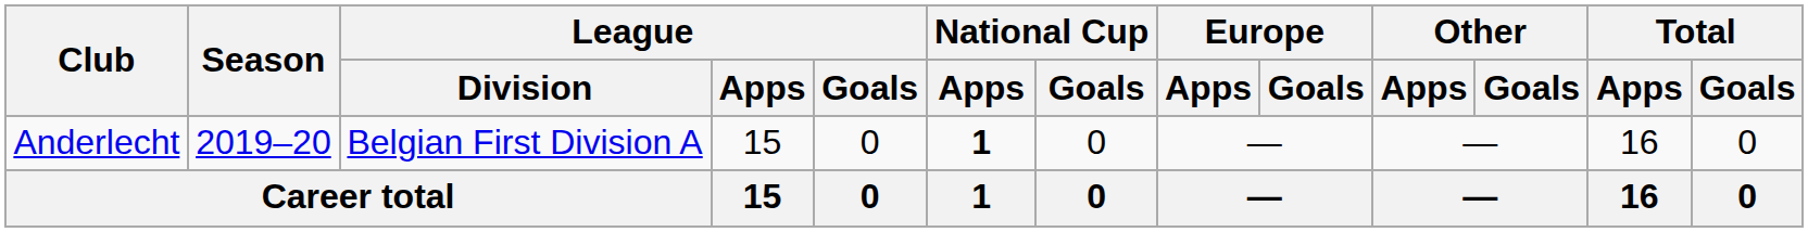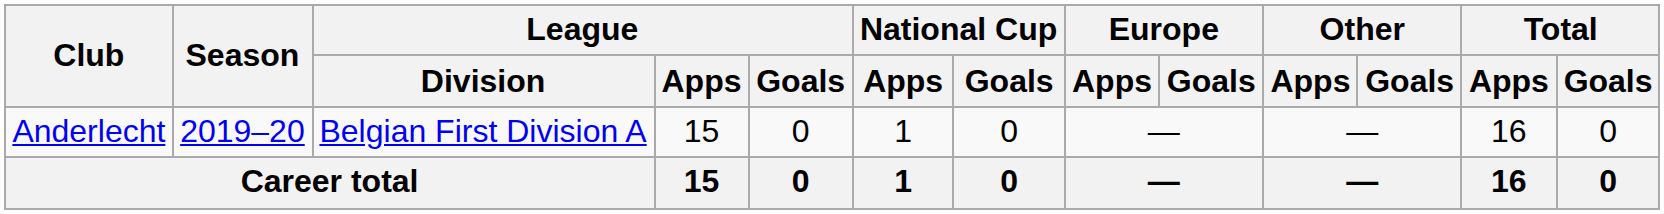 <table class=wikitable style=text-align:center>
 <tr>
 <th rowspan="2">Club</th>
 <th rowspan="2">Season</th>
 <th colspan="3">League</th>
 <th colspan="2">National Cup</th>
 <th colspan="2">Europe</th>
 <th colspan="2">Other</th>
 <th colspan="2">Total</th>
 </tr>
 <tr>
 <th>Division</th>
 <th>Apps</th>
 <th>Goals</th>
 <th>Apps</th>
 <th>Goals</th>
 <th>Apps</th>
 <th>Goals</th>
 <th>Apps</th>
 <th>Goals</th>
 <th>Apps</th>
 <th>Goals</th>
 </tr>
 <tr>
 <td><a href='#'>Anderlecht</a></td>
 <td><a href='#'>2019–20</a></td>
 <td><a href='#'>Belgian First Division A</a></td>
 <td>15</td>
 <td>0</td>
-<td><strong>1</strong></td>
+<td>1</td>
 <td>0</td>
 <td colspan="2">—</td>
 <td colspan="2">—</td>
 <td>16</td>
 <td>0</td>
 </tr>
 <tr>
 <th colspan="3">Career total</th>
 <th>15</th>
 <th>0</th>
 <th>1</th>
 <th>0</th>
 <th colspan="2">—</th>
 <th colspan="2">—</th>
 <th>16</th>
 <th>0</th>
 </tr>
 </table>
